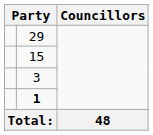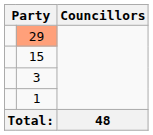 <table class="wikitable">
 <tr>
 <th colspan="2">Party</th>
 <th>Councillors</th>
 </tr>
 <tr>
 <td></td>
-<td align=center>29</td>
+<td align=center style="background: lightsalmon;">29</td>
 </tr>
 <tr>
 <td></td>
 <td align=center>15</td>
 </tr>
 <tr>
 <td></td>
 <td align=center>3</td>
 </tr>
 <tr>
 <td></td>
-<td align=center><strong>1</strong></td>
+<td align=center>1</td>
 </tr>
 <tr>
 <th colspan="2">Total:</th>
 <th>48</th>
 </tr>
 </table>
